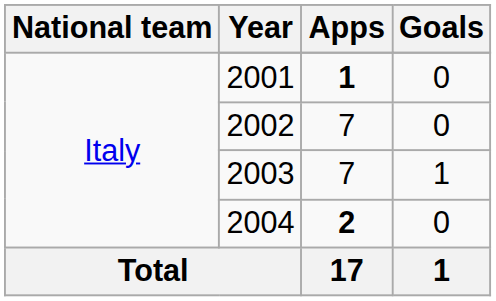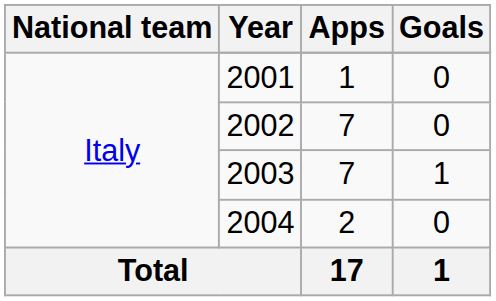 <table class="wikitable" style="text-align:center">
 <tr>
 <th>National team</th>
 <th>Year</th>
 <th>Apps</th>
 <th>Goals</th>
 </tr>
 <tr>
 <td rowspan="5"><a href='#'>Italy</a></td>
 </tr>
 <tr>
 <td>2001</td>
-<td><strong>1</strong></td>
+<td>1</td>
 <td>0</td>
 </tr>
 <tr>
 <td>2002</td>
 <td>7</td>
 <td>0</td>
 </tr>
 <tr>
 <td>2003</td>
 <td>7</td>
 <td>1</td>
 </tr>
 <tr>
 <td>2004</td>
-<td><strong>2</strong></td>
+<td>2</td>
 <td>0</td>
 </tr>
 <tr>
 <th colspan="2">Total</th>
 <th>17</th>
 <th>1</th>
 </tr>
 </table>
